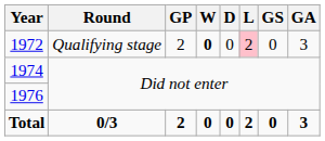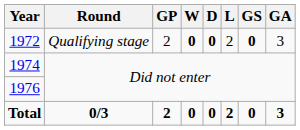 <table class="wikitable" style="text-align: center;">
 <tr>
 <th>Year</th>
 <th>Round</th>
 <th>GP</th>
 <th>W</th>
 <th>D</th>
 <th>L</th>
 <th>GS</th>
 <th>GA</th>
 </tr>
 <tr>
 <td><a href='#'>1972</a></td>
 <td><em>Qualifying stage</em></td>
 <td>2</td>
 <td><strong>0</strong></td>
-<td>0</td>
-<td style="background: pink;">2</td>
-<td>0</td>
+<td><strong>0</strong></td>
+<td>2</td>
+<td><strong>0</strong></td>
 <td>3</td>
 </tr>
 <tr>
 <td><a href='#'>1974</a></td>
 <td colspan=7 rowspan="2"><em>Did not enter</em></td>
 </tr>
 <tr>
 <td><a href='#'>1976</a></td>
 </tr>
 <tr>
 <td><strong>Total</strong></td>
 <td><strong>0/3</strong></td>
 <td><strong>2</strong></td>
 <td><strong>0</strong></td>
 <td><strong>0</strong></td>
 <td><strong>2</strong></td>
 <td><strong>0</strong></td>
 <td><strong>3</strong></td>
 </tr>
 </table>
